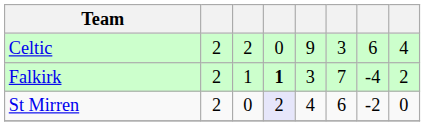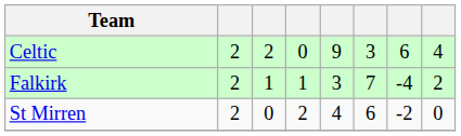 <table class="wikitable" style="text-align:center;">
 <tr>
 <th width=165>Team</th>
 <th width=20></th>
 <th width=20></th>
 <th width=20></th>
 <th width=20></th>
 <th width=20></th>
 <th width=20></th>
 <th width=20></th>
 </tr>
 <tr style="background:#cfc;">
 <td align="left"><a href='#'>Celtic</a></td>
 <td>2</td>
 <td>2</td>
 <td>0</td>
 <td>9</td>
 <td>3</td>
 <td>6</td>
 <td>4</td>
 </tr>
 <tr style="background:#cfc;">
 <td align="left"><a href='#'>Falkirk</a></td>
 <td>2</td>
 <td>1</td>
-<td><strong>1</strong></td>
+<td>1</td>
 <td>3</td>
 <td>7</td>
 <td>-4</td>
 <td>2</td>
 </tr>
 <tr>
 <td align="left"><a href='#'>St Mirren</a></td>
 <td>2</td>
 <td>0</td>
-<td style="background: lavender;">2</td>
+<td>2</td>
 <td>4</td>
 <td>6</td>
 <td>-2</td>
 <td>0</td>
 </tr>
 <tr>
 </tr>
 </table>
